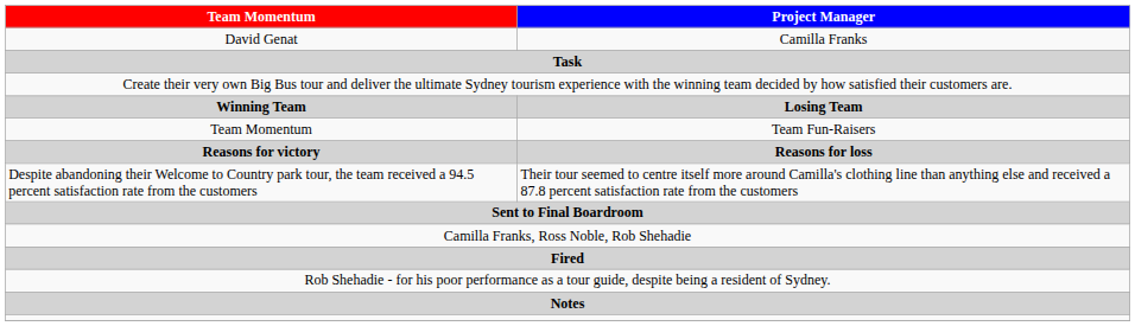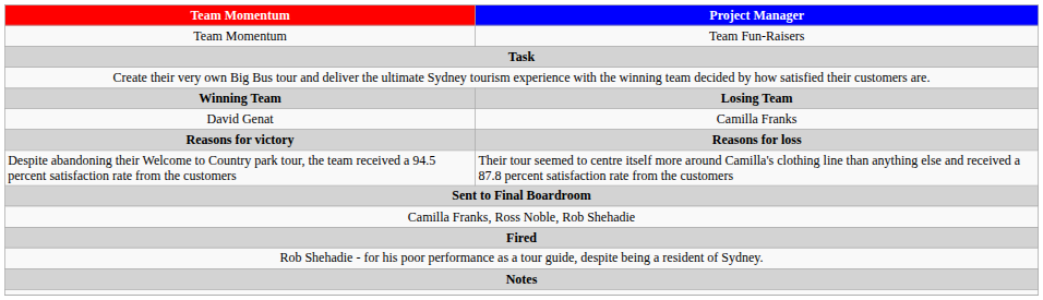 <table class="wikitable" style="text-align: center; width:100%">
 <tr>
 <th style="text-align:center; background:red;color:white">Team Momentum </th>
 <th style="text-align:center; background:blue;color:white"> Project Manager</th>
 </tr>
 <tr>
-<td>David Genat</td>
-<td>Camilla Franks</td>
+<td>Team Momentum</td>
+<td>Team Fun-Raisers</td>
 </tr>
 <tr>
 <th colspan="2" style="text-align:center; background:lightgrey;">Task</th>
 </tr>
 <tr>
 <td colspan="2">Create their very own Big Bus tour and deliver the ultimate Sydney tourism experience with the winning team decided by how satisfied their customers are.</td>
 </tr>
 <tr>
 <th style="text-align:center; background:lightgrey;">Winning Team</th>
 <th style="text-align:center; background:lightgrey;">Losing Team</th>
 </tr>
 <tr>
-<td>Team Momentum</td>
-<td>Team Fun-Raisers</td>
+<td>David Genat</td>
+<td>Camilla Franks</td>
 </tr>
 <tr>
 <th style="text-align:center; background:lightgrey;">Reasons for victory</th>
 <th style="text-align:center; background:lightgrey;">Reasons for loss</th>
 </tr>
 <tr style="text-align: left; ">
 <td>Despite abandoning their Welcome to Country park tour, the team received a 94.5 percent satisfaction rate from the customers</td>
 <td>Their tour seemed to centre itself more around Camilla's clothing line than anything else and received a 87.8 percent satisfaction rate from the customers</td>
 </tr>
 <tr>
 <th colspan="2" style="text-align:center; background:lightgrey;">Sent to Final Boardroom</th>
 </tr>
 <tr>
 <td colspan="2">Camilla Franks, Ross Noble, Rob Shehadie</td>
 </tr>
 <tr>
 <th colspan="2" style="text-align:center; background:lightgrey;">Fired</th>
 </tr>
 <tr>
 <td colspan="2">Rob Shehadie - for his poor performance as a tour guide, despite being a resident of Sydney.</td>
 </tr>
 <tr>
 <th colspan="2" style="text-align:center; background:lightgrey;">Notes</th>
 </tr>
 <tr>
 <td colspan="2"></td>
 </tr>
 <tr>
 </tr>
 </table>
